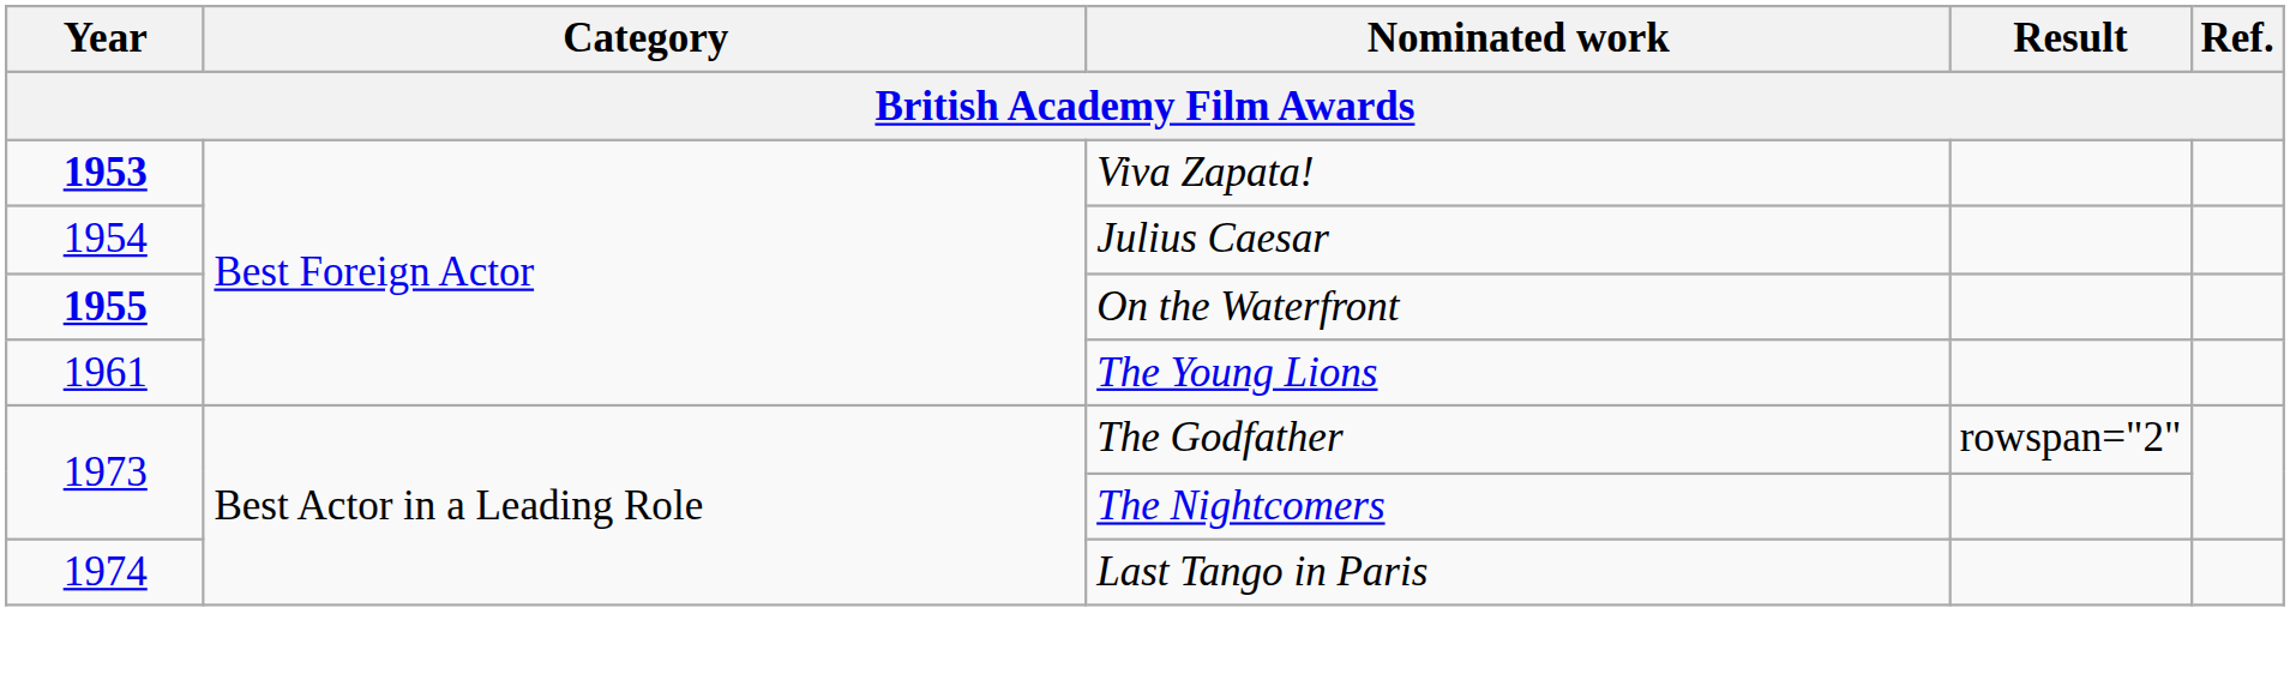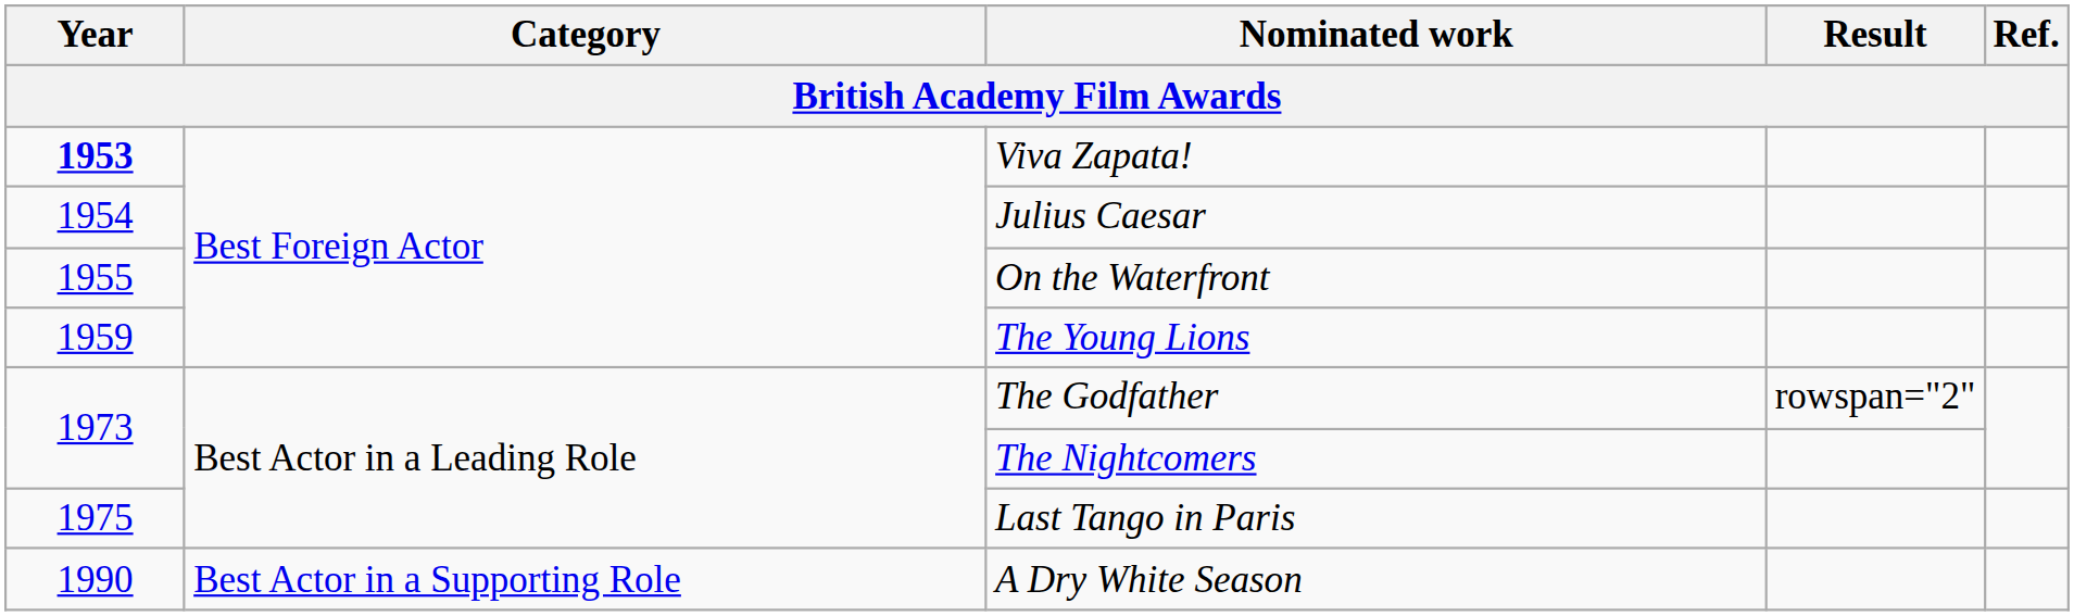 <table class=wikitable>
 <tr>
 <th scope="col" style="width:5em;">Year</th>
 <th scope="col" style="width:26em;">Category</th>
 <th scope="col" style="width:25em;">Nominated work</th>
 <th scope="col" style="width:5em;">Result</th>
 <th>Ref.</th>
 </tr>
 <tr>
 <th colspan=5><a href='#'>British Academy Film Awards</a></th>
 </tr>
 <tr>
 <td style="text-align:center;"><strong><a href='#'>1953</a></strong></td>
 <td rowspan="4"><a href='#'>Best Foreign Actor</a></td>
 <td><em>Viva Zapata!</em></td>
 <td></td>
 <td style="text-align:center;"></td>
 </tr>
 <tr>
 <td style="text-align:center;"><a href='#'>1954</a></td>
 <td><em>Julius Caesar</em></td>
 <td></td>
 <td style="text-align:center;"></td>
 </tr>
 <tr>
-<td style="text-align:center;"><strong><a href='#'>1955</a></strong></td>
+<td style="text-align:center;"><a href='#'>1955</a></td>
 <td><em>On the Waterfront</em></td>
 <td></td>
 <td style="text-align:center;"></td>
 </tr>
 <tr>
-<td style="text-align:center;"><a href='#'>1961</a></td>
+<td style="text-align:center;"><a href='#'>1959</a></td>
 <td><em><a href='#'>The Young Lions</a></em></td>
 <td></td>
 <td style="text-align:center;"></td>
 </tr>
 <tr>
 <td style="text-align:center;" rowspan="2"><a href='#'>1973</a></td>
 <td rowspan="3">Best Actor in a Leading Role</td>
 <td><em>The Godfather</em></td>
 <td>rowspan="2" </td>
 <td style="text-align:center;" rowspan="2"></td>
 </tr>
 <tr>
 <td><em><a href='#'>The Nightcomers</a></em></td>
 </tr>
 <tr>
-<td style="text-align:center;"><a href='#'>1974</a></td>
+<td style="text-align:center;"><a href='#'>1975</a></td>
 <td><em>Last Tango in Paris</em></td>
 <td></td>
 <td style="text-align:center;"></td>
 </tr>
+<tr>
+<td style="text-align:center;"><a href='#'>1990</a></td>
+<td><a href='#'>Best Actor in a Supporting Role</a></td>
+<td><em>A Dry White Season</em></td>
+<td></td>
+<td style="text-align:center;"></td>
+</tr>
 </table>
